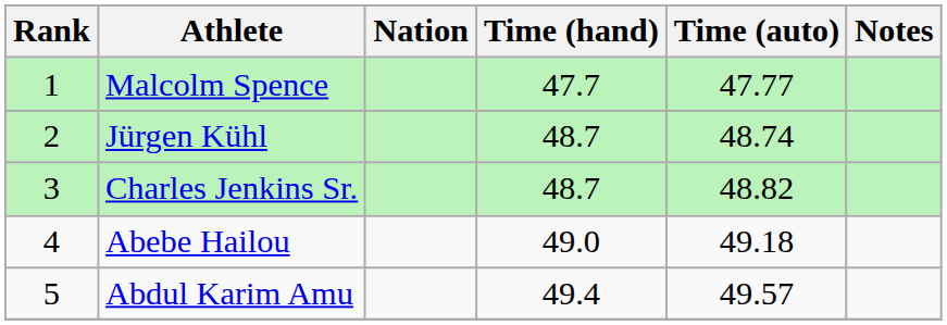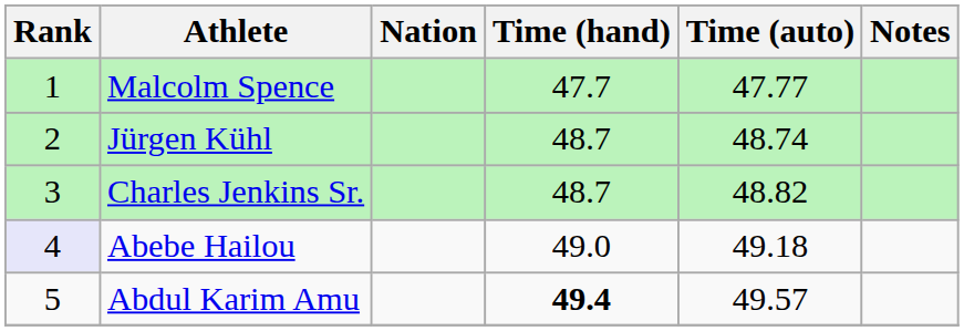 <table class="wikitable sortable" style="text-align:center">
 <tr>
 <th>Rank</th>
 <th>Athlete</th>
 <th>Nation</th>
 <th>Time (hand)</th>
 <th>Time (auto)</th>
 <th>Notes</th>
 </tr>
 <tr bgcolor=bbf3bb>
 <td>1</td>
 <td align=left><a href='#'>Malcolm Spence</a></td>
 <td align=left></td>
 <td>47.7</td>
 <td>47.77</td>
 <td></td>
 </tr>
 <tr bgcolor=bbf3bb>
 <td>2</td>
 <td align=left><a href='#'>Jürgen Kühl</a></td>
 <td align=left></td>
 <td>48.7</td>
 <td>48.74</td>
 <td></td>
 </tr>
 <tr bgcolor=bbf3bb>
 <td>3</td>
 <td align=left><a href='#'>Charles Jenkins Sr.</a></td>
 <td align=left></td>
 <td>48.7</td>
 <td>48.82</td>
 <td></td>
 </tr>
 <tr>
-<td>4</td>
+<td style="background: lavender;">4</td>
 <td align=left><a href='#'>Abebe Hailou</a></td>
 <td align=left></td>
 <td>49.0</td>
 <td>49.18</td>
 <td></td>
 </tr>
 <tr>
 <td>5</td>
 <td align=left><a href='#'>Abdul Karim Amu</a></td>
 <td align=left></td>
-<td>49.4</td>
+<td><strong>49.4</strong></td>
 <td>49.57</td>
 <td></td>
 </tr>
 <tr>
 </tr>
 </table>
